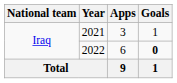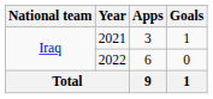 <table class="wikitable" style="text-align:center">
 <tr>
 <th>National team</th>
 <th>Year</th>
 <th>Apps</th>
 <th>Goals</th>
 </tr>
 <tr>
 <td rowspan="2"><a href='#'>Iraq</a></td>
 <td>2021</td>
 <td>3</td>
 <td>1</td>
 </tr>
 <tr>
 <td>2022</td>
 <td>6</td>
-<td><strong>0</strong></td>
+<td>0</td>
 </tr>
 <tr>
 <th colspan="2">Total</th>
 <th>9</th>
 <th>1</th>
 </tr>
 </table>
